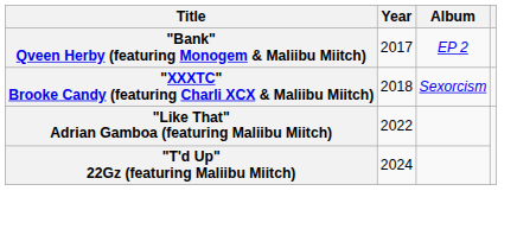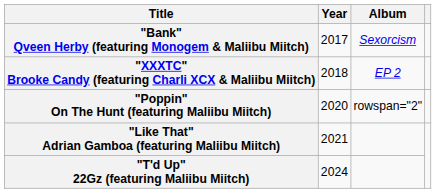 <table class="wikitable plainrowheaders" style="text-align:center;">
 <tr>
 <th scope="col" class="unsortable">Title</th>
 <th scope="col" class="unsortable">Year</th>
 <th scope="col" class="unsortable">Album</th>
 <th scope="col" class="unsortable"></th>
 </tr>
 <tr>
 <th scope="row">"Bank" <br><span><a href='#'>Qveen Herby</a> (featuring <a href='#'>Monogem</a> & Maliibu Miitch)</span></th>
 <td>2017</td>
-<td><a href='#'><em>EP 2</em></a></td>
+<td><em><a href='#'>Sexorcism</a></em></td>
 <td></td>
 </tr>
 <tr>
 <th scope="row">"<a href='#'>XXXTC</a>" <br><span><a href='#'>Brooke Candy</a> (featuring <a href='#'>Charli XCX</a> & Maliibu Miitch)</span></th>
 <td>2018</td>
-<td><em><a href='#'>Sexorcism</a></em></td>
+<td><a href='#'><em>EP 2</em></a></td>
+<td></td>
+</tr>
+<tr>
+<th scope="row">"Poppin" <br><span>On The Hunt (featuring Maliibu Miitch)</span></th>
+<td>2020</td>
+<td>rowspan="2" </td>
 <td></td>
 </tr>
 <tr>
 <th scope="row">"Like That" <br><span>Adrian Gamboa (featuring Maliibu Miitch)</span></th>
-<td>2022</td>
+<td>2021</td>
 <td></td>
 </tr>
 <tr>
 <th scope="row">"T'd Up" <br><span>22Gz (featuring Maliibu Miitch)</span></th>
 <td>2024</td>
 <td></td>
 </tr>
 </table>
